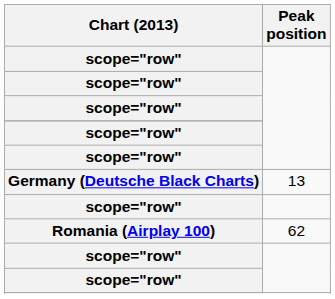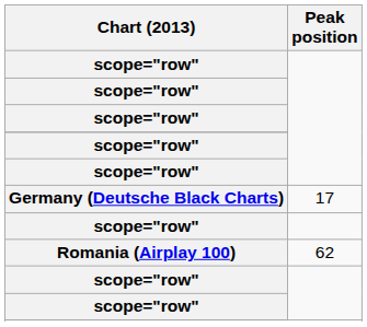 <table class="wikitable plainrowheaders sortable" style="text-align:center;">
 <tr>
 <th scope="col">Chart (2013)</th>
 <th scope="col">Peak<br>position</th>
 </tr>
 <tr>
 <th>scope="row" </th>
 </tr>
 <tr>
 <th>scope="row"</th>
 </tr>
 <tr>
 <th>scope="row"</th>
 </tr>
 <tr>
 </tr>
 <tr>
 <th>scope="row" </th>
 </tr>
 <tr>
 <th>scope="row" </th>
 </tr>
 <tr>
 <th scope="row">Germany (<a href='#'>Deutsche Black Charts</a>)</th>
-<td align="center">13</td>
+<td align="center">17</td>
 </tr>
 <tr>
 <th>scope="row" </th>
 </tr>
 <tr>
 <th scope="row">Romania (<a href='#'>Airplay 100</a>)</th>
 <td style="text-align:center;">62</td>
 </tr>
 <tr>
 <th>scope="row" </th>
 </tr>
 <tr>
 <th>scope="row" </th>
 </tr>
 <tr>
 </tr>
 <tr>
 </tr>
 </table>
